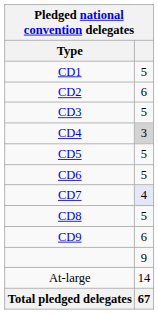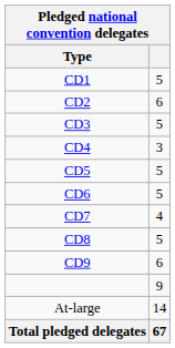 <table class="wikitable sortable" style="font-size:90%;text-align:center;float:right;padding:5px;">
 <tr>
 <th colspan="2">Pledged <a href='#'>national<br>convention</a> delegates</th>
 </tr>
 <tr>
 <th>Type</th>
 <th></th>
 </tr>
 <tr>
 <td><a href='#'>CD1</a></td>
 <td>5</td>
 </tr>
 <tr>
 <td><a href='#'>CD2</a></td>
 <td>6</td>
 </tr>
 <tr>
 <td><a href='#'>CD3</a></td>
 <td>5</td>
 </tr>
 <tr>
 <td><a href='#'>CD4</a></td>
-<td style="background: lightgrey;">3</td>
+<td>3</td>
 </tr>
 <tr>
 <td><a href='#'>CD5</a></td>
 <td>5</td>
 </tr>
 <tr>
 <td><a href='#'>CD6</a></td>
 <td>5</td>
 </tr>
 <tr>
 <td><a href='#'>CD7</a></td>
-<td style="background: lavender;">4</td>
+<td>4</td>
 </tr>
 <tr>
 <td><a href='#'>CD8</a></td>
 <td>5</td>
 </tr>
 <tr>
 <td><a href='#'>CD9</a></td>
 <td>6</td>
 </tr>
 <tr>
 <td></td>
 <td>9</td>
 </tr>
 <tr>
 <td>At-large</td>
 <td>14</td>
 </tr>
 <tr>
 <th>Total pledged delegates</th>
 <th>67</th>
 </tr>
 </table>
